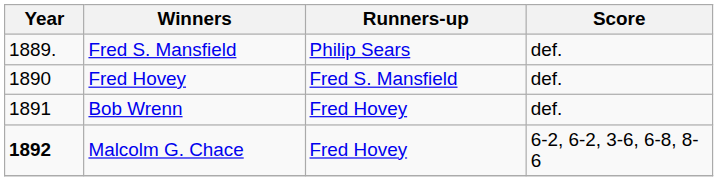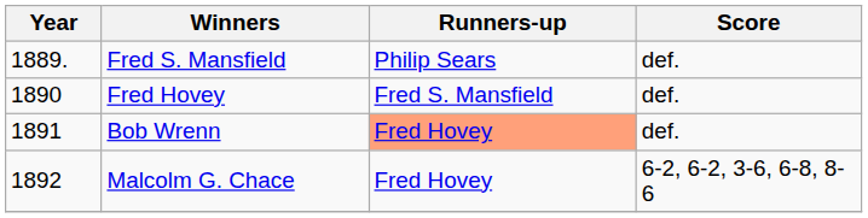 <table class="wikitable sortable">
 <tr>
 <th style="width:60px;">Year</th>
 <th style="width:180px;">Winners</th>
 <th style="width:180px;">Runners-up</th>
 <th style="width:150px;">Score</th>
 </tr>
 <tr>
 <td>1889.</td>
 <td> <a href='#'>Fred S. Mansfield</a></td>
 <td> <a href='#'>Philip Sears</a></td>
 <td>def.</td>
 </tr>
 <tr>
 <td>1890</td>
 <td> <a href='#'>Fred Hovey</a></td>
 <td> <a href='#'>Fred S. Mansfield</a></td>
 <td>def.</td>
 </tr>
 <tr>
 <td>1891</td>
 <td> <a href='#'>Bob Wrenn</a></td>
-<td> <a href='#'>Fred Hovey</a></td>
+<td style="background: lightsalmon;"> <a href='#'>Fred Hovey</a></td>
 <td>def.</td>
 </tr>
 <tr>
-<td><strong>1892</strong></td>
+<td>1892</td>
 <td> <a href='#'>Malcolm G. Chace</a></td>
 <td> <a href='#'>Fred Hovey</a></td>
 <td>6-2, 6-2, 3-6, 6-8, 8-6</td>
 </tr>
 <tr>
 </tr>
 </table>
